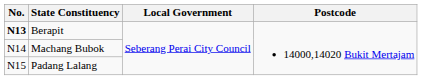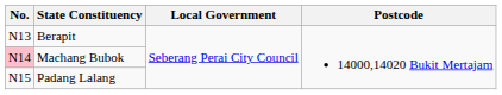 <table class="wikitable">
 <tr>
 <th>No.</th>
 <th>State Constituency</th>
 <th>Local Government</th>
 <th>Postcode</th>
 </tr>
 <tr>
-<td><strong>N13</strong></td>
+<td>N13</td>
 <td>Berapit</td>
 <td rowspan="3"><a href='#'>Seberang Perai City Council</a></td>
 <td rowspan="3"><br><ul><li>14000,14020 <a href='#'>Bukit Mertajam</a></li></ul></td>
 </tr>
 <tr>
-<td>N14</td>
+<td style="background: pink;">N14</td>
 <td>Machang Bubok</td>
 </tr>
 <tr>
 <td>N15</td>
 <td>Padang Lalang</td>
 </tr>
 </table>
